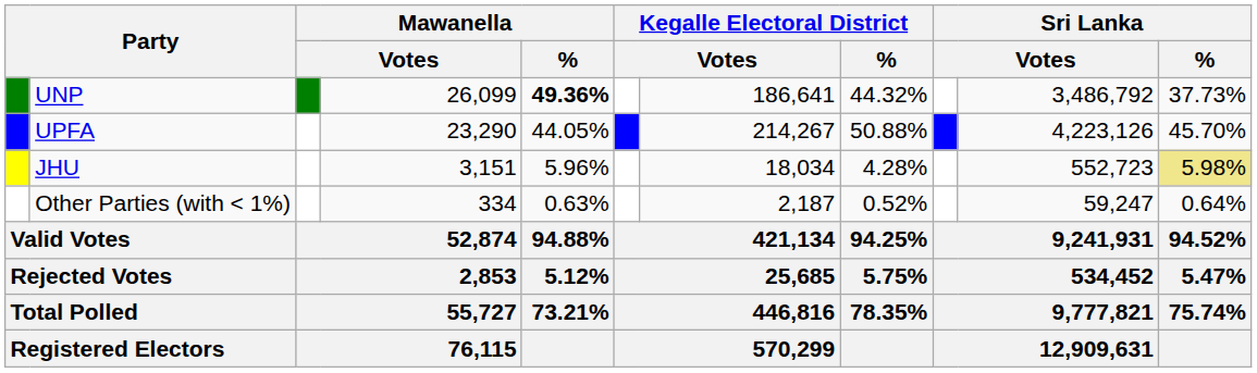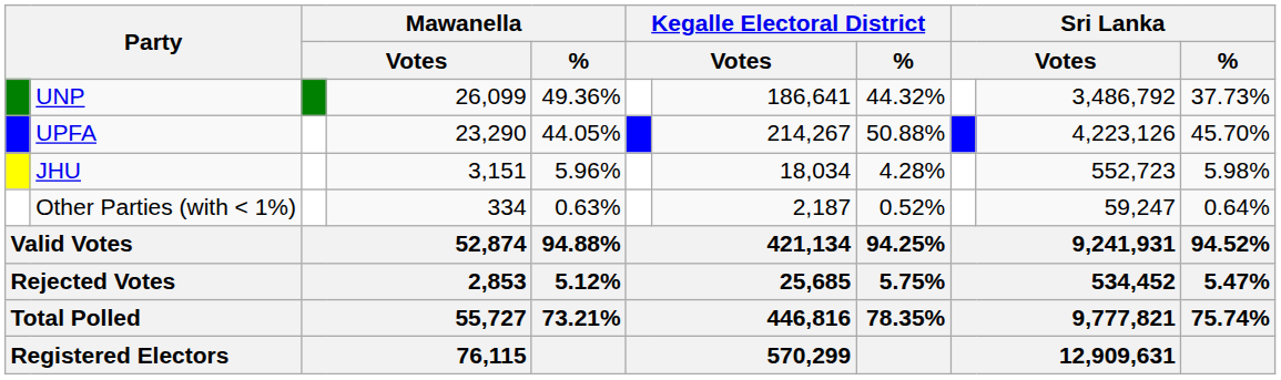 <table class="wikitable">
 <tr>
 <th colspan="2" width="144px"rowspan="2">Party</th>
 <th colspan="3" width="216px">Mawanella</th>
 <th colspan="3" width="216px"><a href='#'>Kegalle Electoral District</a></th>
 <th colspan="3" width="216px">Sri Lanka</th>
 </tr>
 <tr>
 <th colspan="2" width="144px">Votes</th>
 <th>%</th>
 <th colspan="2" width="144px">Votes</th>
 <th>%</th>
 <th colspan="2" width="144px">Votes</th>
 <th>%</th>
 </tr>
 <tr>
 <td style="background-color:green;" width="10px"></td>
 <td style="text-align:left;"><a href='#'>UNP</a></td>
 <td style="background-color:green;" width="10px"></td>
 <td style="text-align:right;">26,099</td>
-<td style="text-align:right;"><strong>49.36%</strong></td>
+<td style="text-align:right;">49.36%</td>
 <td style="background-color:white;" width="10px"></td>
 <td style="text-align:right;">186,641</td>
 <td style="text-align:right;">44.32%</td>
 <td style="background-color:white;" width="10px"></td>
 <td style="text-align:right;">3,486,792</td>
 <td style="text-align:right;">37.73%</td>
 </tr>
 <tr>
 <td style="background-color:blue;" width="10px"></td>
 <td style="text-align:left;"><a href='#'>UPFA</a></td>
 <td style="background-color:white;" width="10px"></td>
 <td style="text-align:right;">23,290</td>
 <td style="text-align:right;">44.05%</td>
 <td style="background-color:blue;" width="10px"></td>
 <td style="text-align:right;">214,267</td>
 <td style="text-align:right;">50.88%</td>
 <td style="background-color:blue;" width="10px"></td>
 <td style="text-align:right;">4,223,126</td>
 <td style="text-align:right;">45.70%</td>
 </tr>
 <tr>
 <td style="background-color:yellow;" width="10px"></td>
 <td style="text-align:left;"><a href='#'>JHU</a></td>
 <td style="background-color:white;" width="10px"></td>
 <td style="text-align:right;">3,151</td>
 <td style="text-align:right;">5.96%</td>
 <td style="background-color:white;" width="10px"></td>
 <td style="text-align:right;">18,034</td>
 <td style="text-align:right;">4.28%</td>
 <td style="background-color:white;" width="10px"></td>
 <td style="text-align:right;">552,723</td>
-<td style="background: khaki; text-align:right;">5.98%</td>
+<td style="text-align:right;">5.98%</td>
 </tr>
 <tr>
 <td style="background-color:white;" width="10px"></td>
 <td style="text-align:left;">Other Parties (with < 1%)</td>
 <td style="background-color:white;" width="10px"></td>
 <td style="text-align:right;">334</td>
 <td style="text-align:right;">0.63%</td>
 <td style="background-color:white;" width="10px"></td>
 <td style="text-align:right;">2,187</td>
 <td style="text-align:right;">0.52%</td>
 <td style="background-color:white;" width="10px"></td>
 <td style="text-align:right;">59,247</td>
 <td style="text-align:right;">0.64%</td>
 </tr>
 <tr>
 <th colspan="2" width="144px"style="text-align:left;">Valid Votes</th>
 <th style="text-align:right;"colspan="2" width="144px">52,874</th>
 <th style="text-align:right;">94.88%</th>
 <th style="text-align:right;"colspan="2" width="144px">421,134</th>
 <th style="text-align:right;">94.25%</th>
 <th style="text-align:right;"colspan="2" width="144px">9,241,931</th>
 <th style="text-align:right;">94.52%</th>
 </tr>
 <tr>
 <th colspan="2" width="144px"style="text-align:left;">Rejected Votes</th>
 <th style="text-align:right;"colspan="2" width="144px">2,853</th>
 <th style="text-align:right;">5.12%</th>
 <th style="text-align:right;"colspan="2" width="144px">25,685</th>
 <th style="text-align:right;">5.75%</th>
 <th style="text-align:right;"colspan="2" width="144px">534,452</th>
 <th style="text-align:right;">5.47%</th>
 </tr>
 <tr>
 <th colspan="2" width="144px"style="text-align:left;">Total Polled</th>
 <th style="text-align:right;"colspan="2" width="144px">55,727</th>
 <th style="text-align:right;">73.21%</th>
 <th style="text-align:right;"colspan="2" width="144px">446,816</th>
 <th style="text-align:right;">78.35%</th>
 <th style="text-align:right;"colspan="2" width="144px">9,777,821</th>
 <th style="text-align:right;">75.74%</th>
 </tr>
 <tr>
 <th colspan="2" width="144px"style="text-align:left;">Registered Electors</th>
 <th style="text-align:right;"colspan="2" width="144px">76,115</th>
 <th></th>
 <th style="text-align:right;"colspan="2" width="144px">570,299</th>
 <th></th>
 <th style="text-align:right;"colspan="2" width="144px">12,909,631</th>
 <th></th>
 </tr>
 </table>
